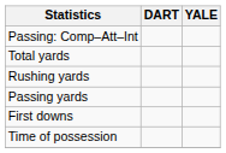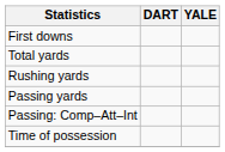 <table class="wikitable" style="float: left;">
 <tr>
 <th>Statistics</th>
 <th>DART</th>
 <th>YALE</th>
 </tr>
 <tr>
-<td>Passing: Comp–Att–Int</td>
+<td>First downs</td>
 <td></td>
 <td></td>
 </tr>
 <tr>
 <td>Total yards</td>
 <td></td>
 <td></td>
 </tr>
 <tr>
 <td>Rushing yards</td>
 <td></td>
 <td></td>
 </tr>
 <tr>
 <td>Passing yards</td>
 <td></td>
 <td></td>
 </tr>
 <tr>
-<td>First downs</td>
+<td>Passing: Comp–Att–Int</td>
 <td></td>
 <td></td>
 </tr>
 <tr>
 <td>Time of possession</td>
 <td></td>
 <td></td>
 </tr>
 <tr>
 </tr>
 </table>
